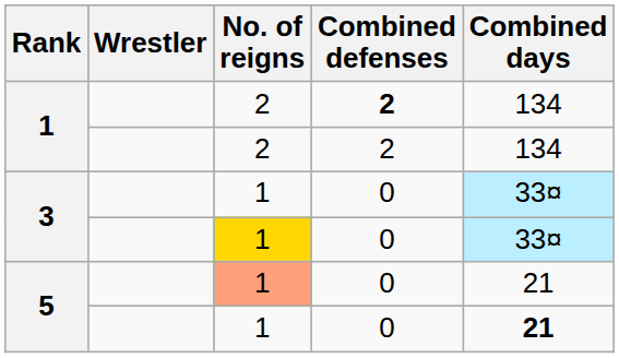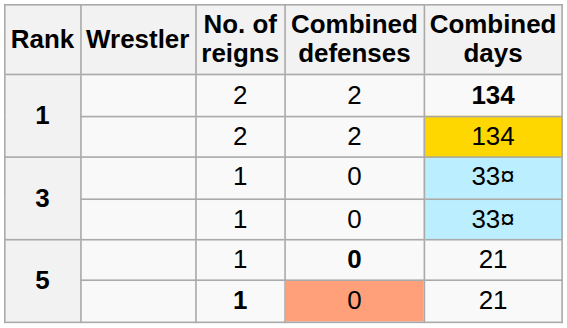 <table class="wikitable sortable" style="text-align: center">
 <tr>
 <th>Rank</th>
 <th>Wrestler</th>
 <th data-sort-type="number">No. of<br>reigns</th>
 <th data-sort-type="number">Combined<br>defenses</th>
 <th data-sort-type="number">Combined<br>days</th>
 </tr>
 <tr>
 <th rowspan=2>1</th>
 <td></td>
 <td>2</td>
-<td><strong>2</strong></td>
-<td>134</td>
+<td>2</td>
+<td><strong>134</strong></td>
 </tr>
 <tr>
 <td></td>
 <td>2</td>
 <td>2</td>
-<td>134</td>
+<td style="background: gold;">134</td>
 </tr>
 <tr>
 <th rowspan=2>3</th>
 <td></td>
 <td>1</td>
 <td>0</td>
 <td style="background-color:#bbeeff">33¤</td>
 </tr>
 <tr>
 <td></td>
-<td style="background: gold;">1</td>
+<td>1</td>
 <td>0</td>
 <td style="background-color:#bbeeff">33¤</td>
 </tr>
 <tr>
 <th rowspan=2>5</th>
 <td></td>
-<td style="background: lightsalmon;">1</td>
-<td>0</td>
+<td>1</td>
+<td><strong>0</strong></td>
 <td>21</td>
 </tr>
 <tr>
 <td></td>
-<td>1</td>
-<td>0</td>
-<td><strong>21</strong></td>
+<td><strong>1</strong></td>
+<td style="background: lightsalmon;">0</td>
+<td>21</td>
 </tr>
 </table>
